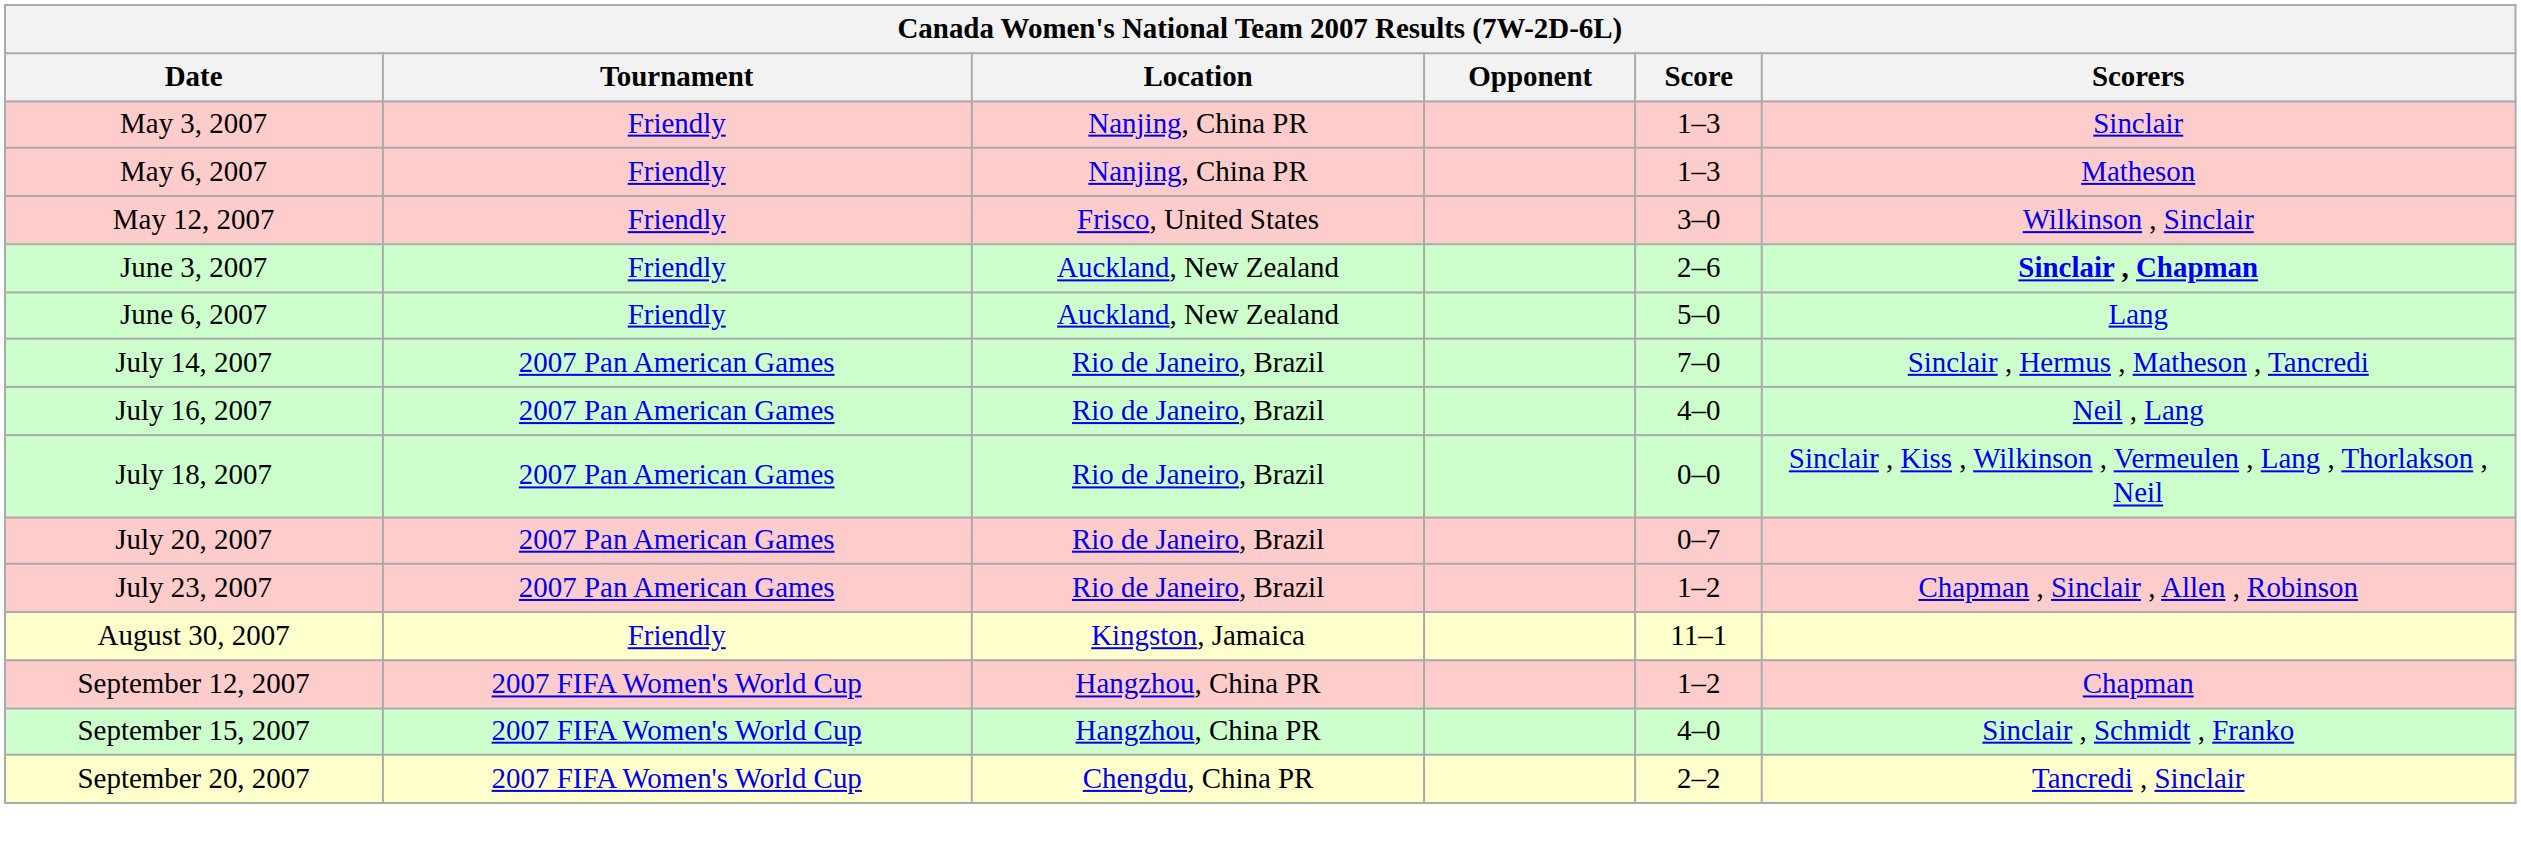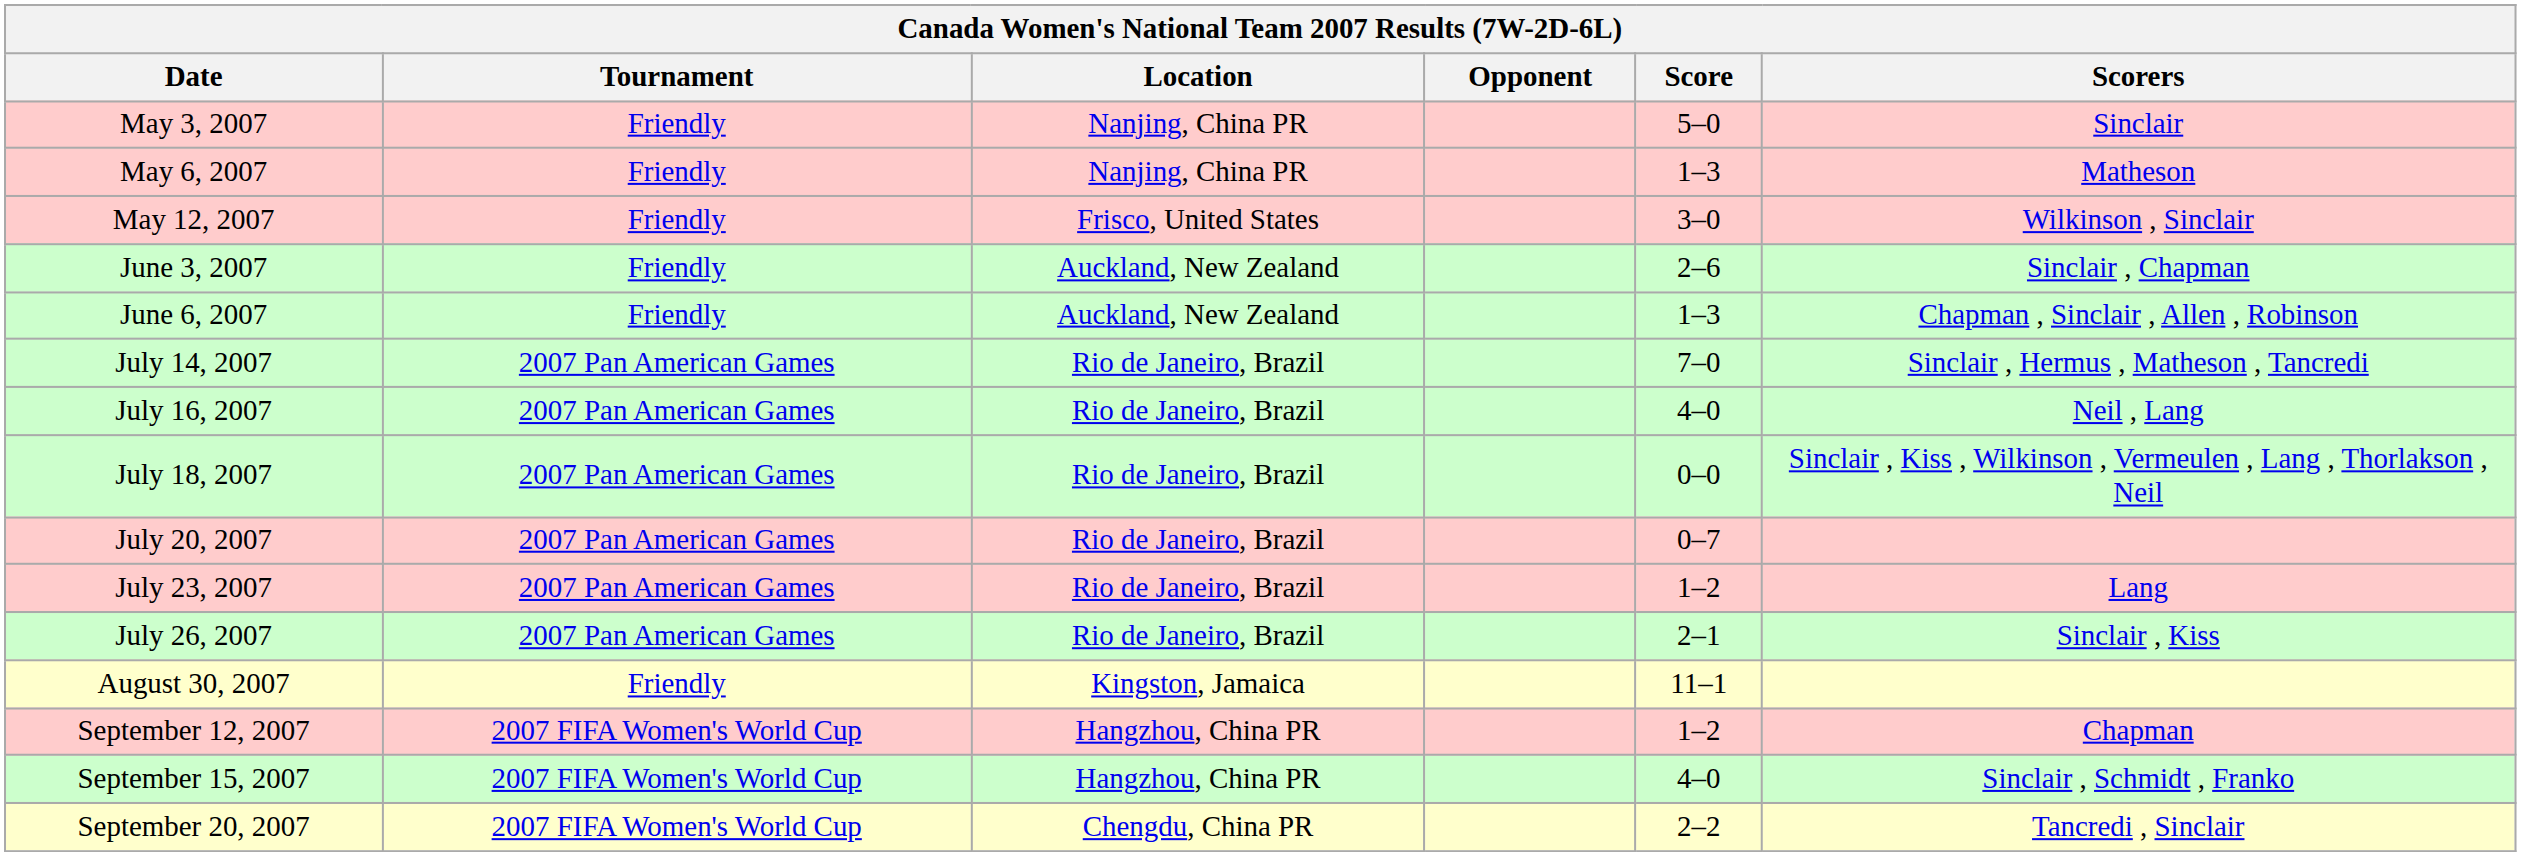 <table class="wikitable collapsible collapsed" style="font-size:90%">
 <tr>
 <th colspan="6"><strong>Canada Women's National Team 2007 Results (7W-2D-6L)</strong></th>
 </tr>
 <tr>
 <th>Date</th>
 <th>Tournament</th>
 <th>Location</th>
 <th>Opponent</th>
 <th>Score</th>
 <th width=30%>Scorers</th>
 </tr>
 <tr style="background:#fcc;">
 <td style="text-align: center;">May 3, 2007</td>
 <td style="text-align: center;"><a href='#'>Friendly</a></td>
 <td style="text-align: center;"><a href='#'>Nanjing</a>, China PR</td>
 <td></td>
-<td style="text-align: center;">1–3</td>
+<td style="text-align: center;">5–0</td>
 <td style="text-align: center;"><a href='#'>Sinclair</a> </td>
 </tr>
 <tr style="background:#fcc;">
 <td style="text-align: center;">May 6, 2007</td>
 <td style="text-align: center;"><a href='#'>Friendly</a></td>
 <td style="text-align: center;"><a href='#'>Nanjing</a>, China PR</td>
 <td></td>
 <td style="text-align: center;">1–3</td>
 <td style="text-align: center;"><a href='#'>Matheson</a> </td>
 </tr>
 <tr style="background:#fcc;">
 <td style="text-align: center;">May 12, 2007</td>
 <td style="text-align: center;"><a href='#'>Friendly</a></td>
 <td style="text-align: center;"><a href='#'>Frisco</a>, United States</td>
 <td></td>
 <td style="text-align: center;">3–0</td>
 <td style="text-align: center;"><a href='#'>Wilkinson</a> , <a href='#'>Sinclair</a> </td>
 </tr>
 <tr style="background:#cfc;">
 <td style="text-align: center;">June 3, 2007</td>
 <td style="text-align: center;"><a href='#'>Friendly</a></td>
 <td style="text-align: center;"><a href='#'>Auckland</a>, New Zealand</td>
 <td></td>
 <td style="text-align: center;">2–6</td>
-<td style="text-align: center;"><strong><a href='#'>Sinclair</a> , <a href='#'>Chapman</a> </strong></td>
+<td style="text-align: center;"><a href='#'>Sinclair</a> , <a href='#'>Chapman</a> </td>
 </tr>
 <tr style="background:#cfc;">
 <td style="text-align: center;">June 6, 2007</td>
 <td style="text-align: center;"><a href='#'>Friendly</a></td>
 <td style="text-align: center;"><a href='#'>Auckland</a>, New Zealand</td>
 <td></td>
-<td style="text-align: center;">5–0</td>
-<td style="text-align: center;"><a href='#'>Lang</a> </td>
+<td style="text-align: center;">1–3</td>
+<td style="text-align: center;"><a href='#'>Chapman</a> , <a href='#'>Sinclair</a> , <a href='#'>Allen</a> , <a href='#'>Robinson</a> </td>
 </tr>
 <tr style="background:#cfc;">
 <td style="text-align: center;">July 14, 2007</td>
 <td style="text-align: center;"><a href='#'>2007 Pan American Games</a></td>
 <td style="text-align: center;"><a href='#'>Rio de Janeiro</a>, Brazil</td>
 <td></td>
 <td style="text-align: center;">7–0</td>
 <td style="text-align: center;"><a href='#'>Sinclair</a> , <a href='#'>Hermus</a> , <a href='#'>Matheson</a> , <a href='#'>Tancredi</a> </td>
 </tr>
 <tr style="background:#cfc;">
 <td style="text-align: center;">July 16, 2007</td>
 <td style="text-align: center;"><a href='#'>2007 Pan American Games</a></td>
 <td style="text-align: center;"><a href='#'>Rio de Janeiro</a>, Brazil</td>
 <td></td>
 <td style="text-align: center;">4–0</td>
 <td style="text-align: center;"><a href='#'>Neil</a> , <a href='#'>Lang</a> </td>
 </tr>
 <tr style="background:#cfc;">
 <td style="text-align: center;">July 18, 2007</td>
 <td style="text-align: center;"><a href='#'>2007 Pan American Games</a></td>
 <td style="text-align: center;"><a href='#'>Rio de Janeiro</a>, Brazil</td>
 <td></td>
 <td style="text-align: center;">0–0</td>
 <td style="text-align: center;"><a href='#'>Sinclair</a> , <a href='#'>Kiss</a> , <a href='#'>Wilkinson</a> , <a href='#'>Vermeulen</a> , <a href='#'>Lang</a> , <a href='#'>Thorlakson</a> , <a href='#'>Neil</a> </td>
 </tr>
 <tr style="background:#fcc;">
 <td style="text-align: center;">July 20, 2007</td>
 <td style="text-align: center;"><a href='#'>2007 Pan American Games</a></td>
 <td style="text-align: center;"><a href='#'>Rio de Janeiro</a>, Brazil</td>
 <td></td>
 <td style="text-align: center;">0–7</td>
 <td style="text-align: center;"></td>
 </tr>
 <tr style="background:#fcc;">
 <td style="text-align: center;">July 23, 2007</td>
 <td style="text-align: center;"><a href='#'>2007 Pan American Games</a></td>
 <td style="text-align: center;"><a href='#'>Rio de Janeiro</a>, Brazil</td>
 <td></td>
 <td style="text-align: center;">1–2</td>
-<td style="text-align: center;"><a href='#'>Chapman</a> , <a href='#'>Sinclair</a> , <a href='#'>Allen</a> , <a href='#'>Robinson</a> </td>
+<td style="text-align: center;"><a href='#'>Lang</a> </td>
+</tr>
+<tr style="background:#cfc;">
+<td style="text-align: center;">July 26, 2007</td>
+<td style="text-align: center;"><a href='#'>2007 Pan American Games</a></td>
+<td style="text-align: center;"><a href='#'>Rio de Janeiro</a>, Brazil</td>
+<td></td>
+<td style="text-align: center;">2–1</td>
+<td style="text-align: center;"><a href='#'>Sinclair</a> , <a href='#'>Kiss</a> </td>
 </tr>
 <tr style="background:#ffc;">
 <td style="text-align: center;">August 30, 2007</td>
 <td style="text-align: center;"><a href='#'>Friendly</a></td>
 <td style="text-align: center;"><a href='#'>Kingston</a>, Jamaica</td>
 <td></td>
 <td style="text-align: center;">11–1</td>
 <td style="text-align: center;"></td>
 </tr>
 <tr style="background:#fcc;">
 <td style="text-align: center;">September 12, 2007</td>
 <td style="text-align: center;"><a href='#'>2007 FIFA Women's World Cup</a></td>
 <td style="text-align: center;"><a href='#'>Hangzhou</a>, China PR</td>
 <td></td>
 <td style="text-align: center;">1–2</td>
 <td style="text-align: center;"><a href='#'>Chapman</a> </td>
 </tr>
 <tr style="background:#cfc;">
 <td style="text-align: center;">September 15, 2007</td>
 <td style="text-align: center;"><a href='#'>2007 FIFA Women's World Cup</a></td>
 <td style="text-align: center;"><a href='#'>Hangzhou</a>, China PR</td>
 <td></td>
 <td style="text-align: center;">4–0</td>
 <td style="text-align: center;"><a href='#'>Sinclair</a> , <a href='#'>Schmidt</a> , <a href='#'>Franko</a> </td>
 </tr>
 <tr style="background:#ffc;">
 <td style="text-align: center;">September 20, 2007</td>
 <td style="text-align: center;"><a href='#'>2007 FIFA Women's World Cup</a></td>
 <td style="text-align: center;"><a href='#'>Chengdu</a>, China PR</td>
 <td></td>
 <td style="text-align: center;">2–2</td>
 <td style="text-align: center;"><a href='#'>Tancredi</a> , <a href='#'>Sinclair</a> </td>
 </tr>
 </table>
